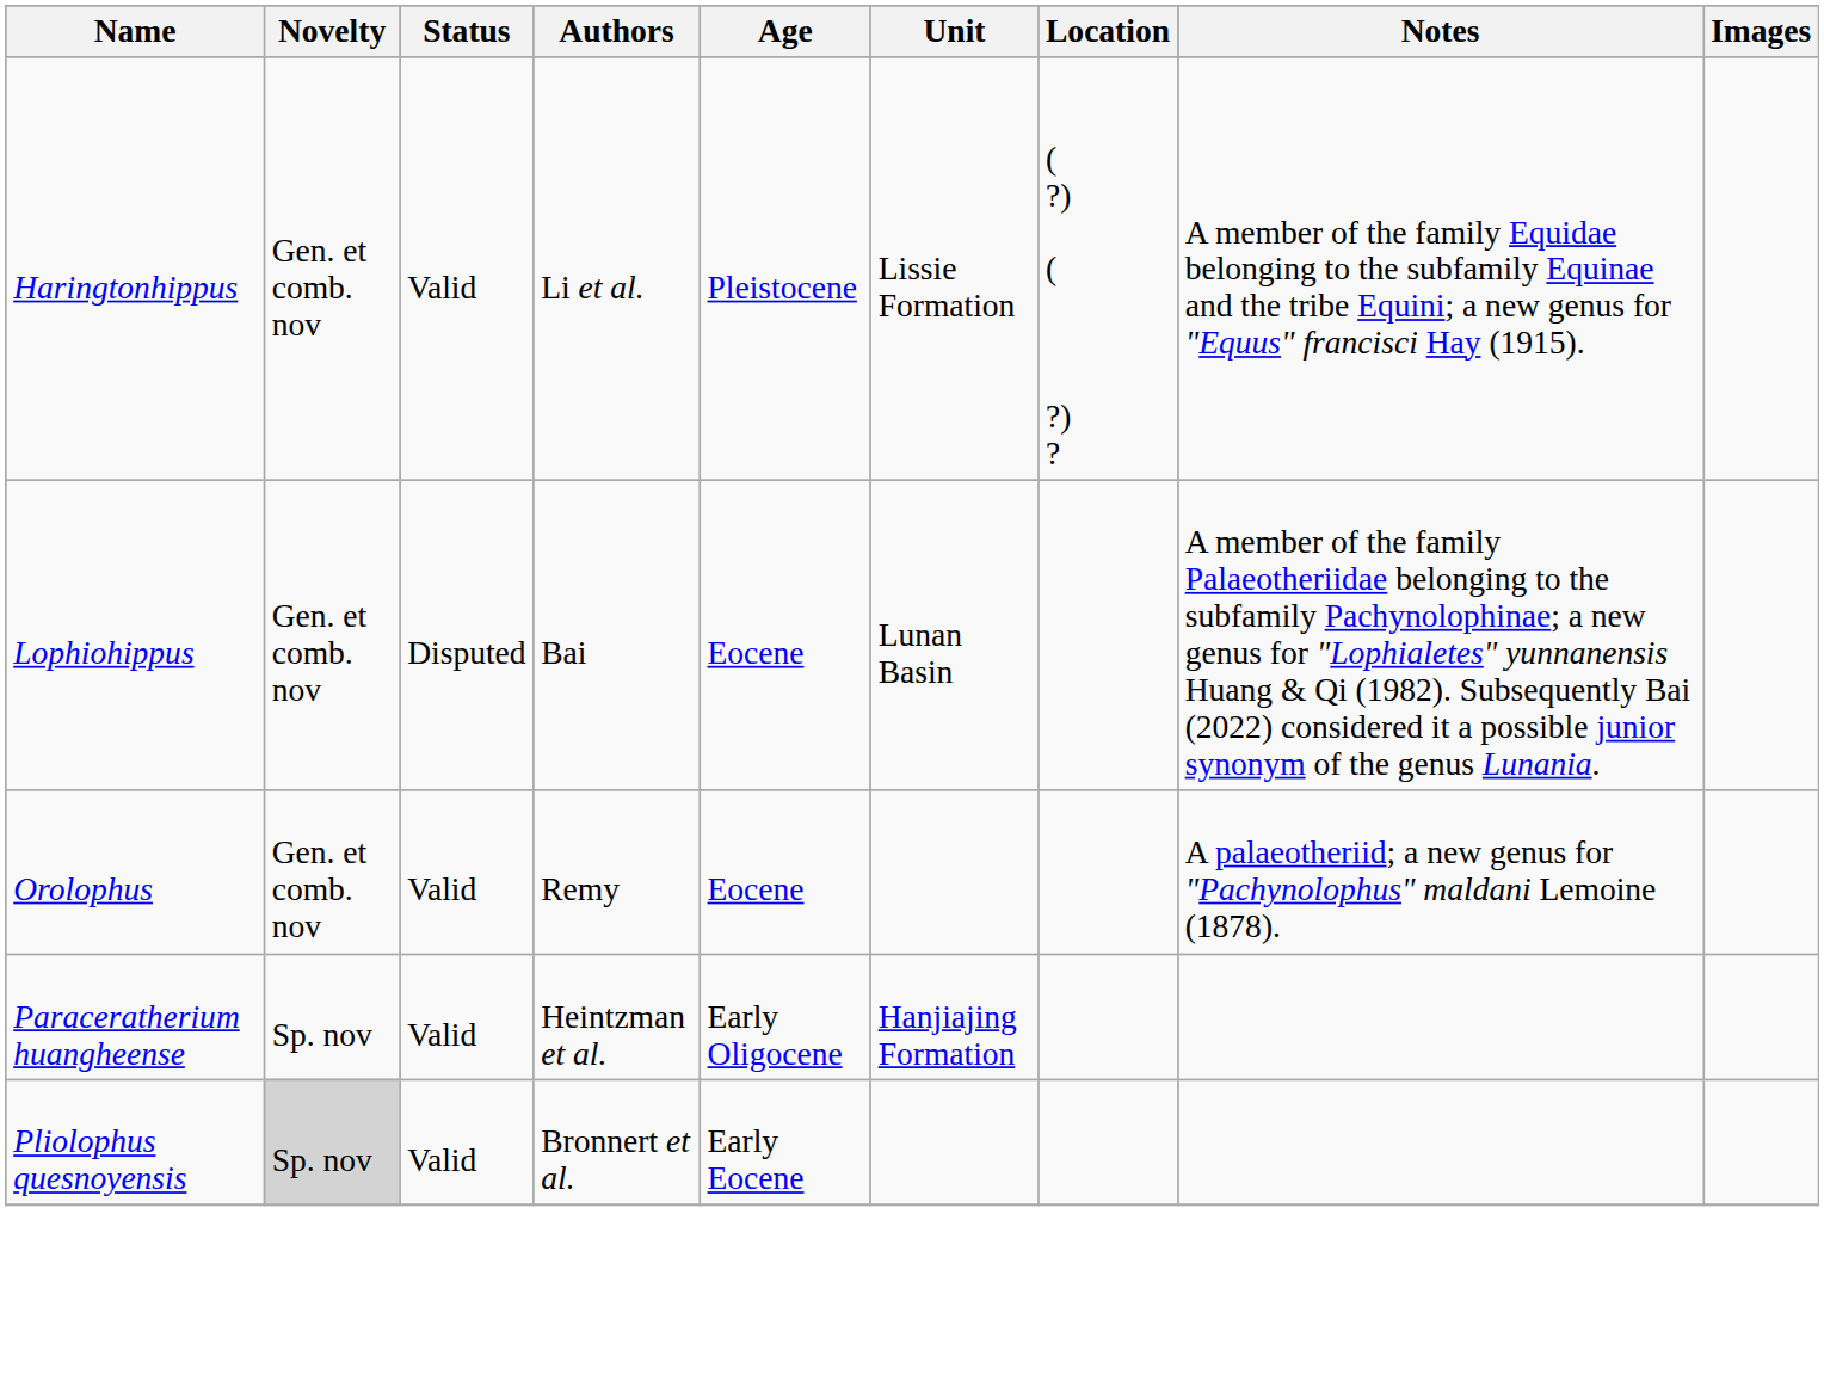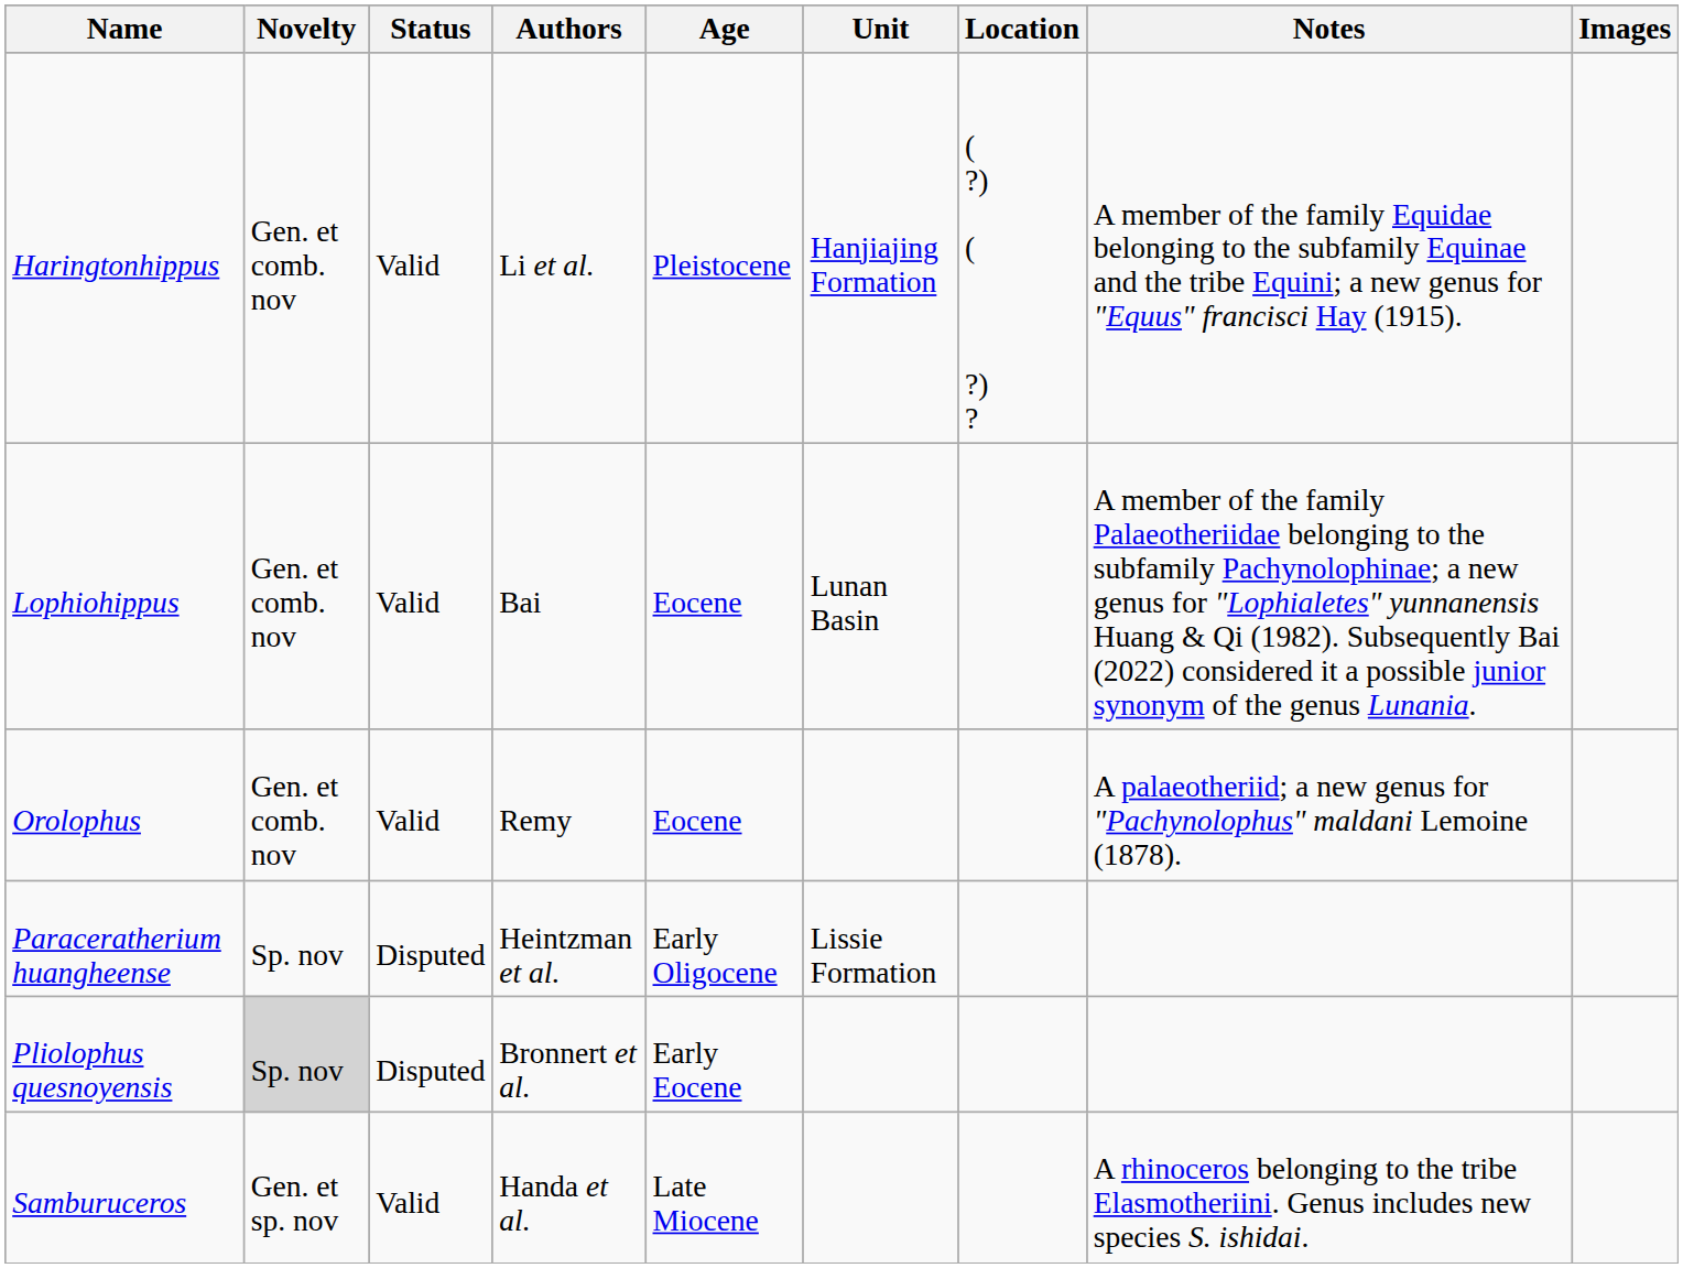 <table class="wikitable sortable" align="center" width="100%">
 <tr>
 <th>Name</th>
 <th>Novelty</th>
 <th>Status</th>
 <th>Authors</th>
 <th>Age</th>
 <th>Unit</th>
 <th>Location</th>
 <th>Notes</th>
 <th>Images</th>
 </tr>
 <tr>
 <td><br><em><a href='#'>Haringtonhippus</a></em></td>
 <td><br>Gen. et comb. nov</td>
 <td><br>Valid</td>
 <td><br>Li <em>et al.</em></td>
 <td><br><a href='#'>Pleistocene</a></td>
-<td><br>Lissie Formation</td>
+<td><br><a href='#'>Hanjiajing Formation</a></td>
 <td><br><br>(<br>?)<br> <br>(<br><br><br><br>?)<br> ?</td>
 <td><br>A member of the family <a href='#'>Equidae</a> belonging to the subfamily <a href='#'>Equinae</a> and the tribe <a href='#'>Equini</a>; a new genus for <em>"<a href='#'>Equus</a>" francisci</em> <a href='#'>Hay</a> (1915).</td>
 <td></td>
 </tr>
 <tr>
 <td><br><em><a href='#'>Lophiohippus</a></em></td>
 <td><br>Gen. et comb. nov</td>
-<td><br>Disputed</td>
+<td><br>Valid</td>
 <td><br>Bai</td>
 <td><br><a href='#'>Eocene</a></td>
 <td><br>Lunan Basin</td>
 <td><br></td>
 <td><br>A member of the family <a href='#'>Palaeotheriidae</a> belonging to the subfamily <a href='#'>Pachynolophinae</a>; a new genus for <em>"<a href='#'>Lophialetes</a>" yunnanensis</em> Huang & Qi (1982). Subsequently Bai (2022) considered it a possible <a href='#'>junior synonym</a> of the genus <em><a href='#'>Lunania</a></em>.</td>
 <td></td>
 </tr>
 <tr>
 <td><br><em><a href='#'>Orolophus</a></em></td>
 <td><br>Gen. et comb. nov</td>
 <td><br>Valid</td>
 <td><br>Remy</td>
 <td><br><a href='#'>Eocene</a></td>
 <td></td>
 <td><br></td>
 <td><br>A <a href='#'>palaeotheriid</a>; a new genus for <em>"<a href='#'>Pachynolophus</a>" maldani</em> Lemoine (1878).</td>
 <td></td>
 </tr>
 <tr>
 <td><br><em><a href='#'>Paraceratherium huangheense</a></em></td>
 <td><br>Sp. nov</td>
-<td><br>Valid</td>
+<td><br>Disputed</td>
 <td><br>Heintzman <em>et al.</em></td>
 <td><br>Early <a href='#'>Oligocene</a></td>
-<td><br><a href='#'>Hanjiajing Formation</a></td>
+<td><br>Lissie Formation</td>
 <td><br></td>
 <td></td>
 <td></td>
 </tr>
 <tr>
 <td><br><em><a href='#'>Pliolophus quesnoyensis</a></em></td>
 <td style="background: lightgrey;"><br>Sp. nov</td>
-<td><br>Valid</td>
+<td><br>Disputed</td>
 <td><br>Bronnert <em>et al.</em></td>
 <td><br>Early <a href='#'>Eocene</a></td>
 <td></td>
 <td><br></td>
 <td></td>
 <td></td>
 </tr>
 <tr>
+<td><br><em><a href='#'>Samburuceros</a></em></td>
+<td><br>Gen. et sp. nov</td>
+<td><br>Valid</td>
+<td><br>Handa <em>et al.</em></td>
+<td><br>Late <a href='#'>Miocene</a></td>
+<td></td>
+<td><br></td>
+<td><br>A <a href='#'>rhinoceros</a> belonging to the tribe <a href='#'>Elasmotheriini</a>. Genus includes new species <em>S. ishidai</em>.</td>
+<td></td>
+</tr>
+<tr>
 </tr>
 </table>
